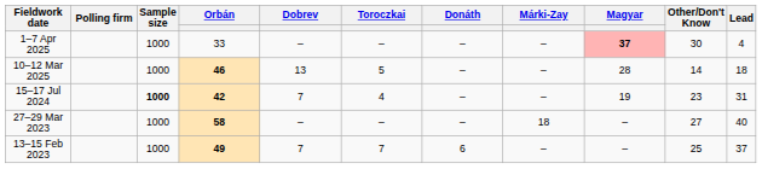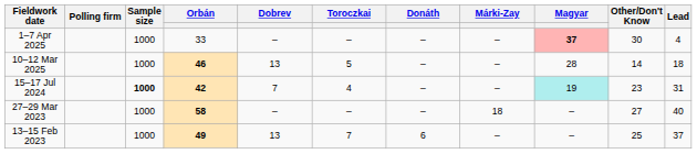 <table class="wikitable collapsible sortable" style="text-align:center;font-size:85%;line-height:14px">
 <tr>
 <th style="width:80px;" rowspan="2">Fieldwork date</th>
 <th style="width:80px;" rowspan="2">Polling firm</th>
 <th style="width:20px;" rowspan="2">Sample size</th>
 <th style="width:100px;" class="unsortable"><a href='#'>Orbán</a></th>
 <th style="width:100px;" class="unsortable"><a href='#'>Dobrev</a></th>
 <th style="width:100px;" class="unsortable"><a href='#'>Toroczkai</a></th>
 <th style="width:100px;" class="unsortable"><a href='#'>Donáth</a></th>
 <th style="width:100px;" class="unsortable"><a href='#'>Márki-Zay</a></th>
 <th style="width:100px;" class="unsortable"><a href='#'>Magyar</a></th>
 <th style="width:20px;" rowspan="2" class="unsortable">Other/Don't Know</th>
 <th class="unsortable" style="width:20px;" rowspan="2">Lead</th>
 </tr>
 <tr>
 <th class="unsortable" style="color:inherit;background:"></th>
 <th class="unsortable" style="color:inherit;background:"></th>
 <th class="unsortable" style="color:inherit;background:"></th>
 <th class="unsortable" style="color:inherit;background:"></th>
 <th class="unsortable" style="color:inherit;background:"></th>
 <th class="unsortable" style="color:inherit;background:"></th>
 </tr>
 <tr>
 <td>1–7 Apr 2025</td>
 <td></td>
 <td>1000</td>
 <td>33</td>
 <td>–</td>
 <td>–</td>
 <td>–</td>
 <td>–</td>
 <td style="background:#FFB4B4"><strong>37</strong></td>
 <td>30</td>
 <td style="background:">4</td>
 </tr>
 <tr>
 <td>10–12 Mar 2025</td>
 <td></td>
 <td>1000</td>
 <td style="background:#FFE5B4"><strong>46</strong></td>
 <td>13</td>
 <td>5</td>
 <td>–</td>
 <td>–</td>
 <td>28</td>
 <td>14</td>
 <td style="background:">18</td>
 </tr>
 <tr>
 <td>15–17 Jul 2024</td>
 <td></td>
 <td><strong>1000</strong></td>
 <td style="background:#FFE5B4"><strong>42</strong></td>
 <td>7</td>
 <td>4</td>
 <td>–</td>
 <td>–</td>
-<td>19</td>
+<td style="background: paleturquoise;">19</td>
 <td>23</td>
 <td style="background:">31</td>
 </tr>
 <tr>
 <td>27–29 Mar 2023</td>
 <td></td>
 <td>1000</td>
 <td style="background:#FFE5B4"><strong>58</strong></td>
 <td>–</td>
 <td>–</td>
 <td>–</td>
 <td>18</td>
 <td>–</td>
 <td>27</td>
 <td style="background:">40</td>
 </tr>
 <tr>
 <td>13–15 Feb 2023</td>
 <td></td>
 <td>1000</td>
 <td style="background:#FFE5B4"><strong>49</strong></td>
-<td>7</td>
+<td>13</td>
 <td>7</td>
 <td>6</td>
 <td>–</td>
 <td>–</td>
 <td>25</td>
 <td style="background:">37</td>
 </tr>
 </table>
